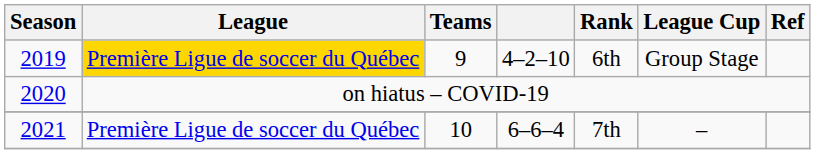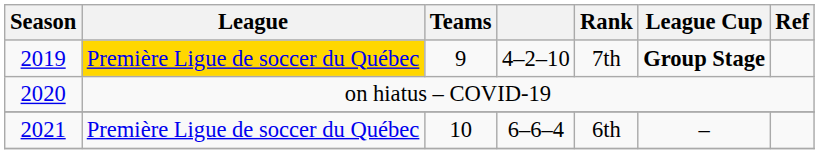 <table class="wikitable" style="text-align: center;">
 <tr>
 <th>Season</th>
 <th>League</th>
 <th>Teams</th>
 <th></th>
 <th>Rank</th>
 <th>League Cup</th>
 <th>Ref</th>
 </tr>
 <tr>
 <td><a href='#'>2019</a></td>
 <td style="background: gold;"><a href='#'>Première Ligue de soccer du Québec</a></td>
 <td>9</td>
 <td>4–2–10</td>
-<td>6th</td>
-<td>Group Stage</td>
+<td>7th</td>
+<td><strong>Group Stage</strong></td>
 <td></td>
 </tr>
 <tr>
 <td><a href='#'>2020</a></td>
 <td colspan="6">on hiatus – COVID-19</td>
 </tr>
 <tr>
 </tr>
 <tr>
 <td><a href='#'>2021</a></td>
 <td><a href='#'>Première Ligue de soccer du Québec</a></td>
 <td>10</td>
 <td>6–6–4</td>
-<td>7th</td>
+<td>6th</td>
 <td>–</td>
 <td></td>
 </tr>
 <tr>
 </tr>
 </table>
